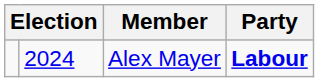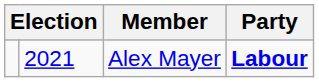 <table class="wikitable">
 <tr>
 <th colspan="2">Election</th>
 <th>Member</th>
 <th>Party</th>
 </tr>
 <tr>
 <td style="color:inherit;background-color: "></td>
-<td><a href='#'>2024</a></td>
+<td><a href='#'>2021</a></td>
 <td><a href='#'>Alex Mayer</a></td>
 <td><strong><a href='#'>Labour</a></strong></td>
 </tr>
 </table>
